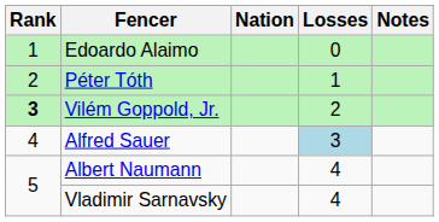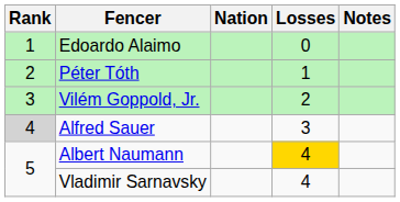 <table class="wikitable sortable" style="text-align:center">
 <tr>
 <th>Rank</th>
 <th>Fencer</th>
 <th>Nation</th>
 <th>Losses</th>
 <th>Notes</th>
 </tr>
 <tr bgcolor=bbf3bb>
 <td>1</td>
 <td align=left>Edoardo Alaimo</td>
 <td align=left></td>
 <td>0</td>
 <td></td>
 </tr>
 <tr bgcolor=bbf3bb>
 <td>2</td>
 <td align=left><a href='#'>Péter Tóth</a></td>
 <td align=left></td>
 <td>1</td>
 <td></td>
 </tr>
 <tr bgcolor=bbf3bb>
-<td><strong>3</strong></td>
+<td>3</td>
 <td align=left><a href='#'>Vilém Goppold, Jr.</a></td>
 <td align=left></td>
 <td>2</td>
 <td></td>
 </tr>
 <tr>
-<td>4</td>
+<td style="background: lightgrey;">4</td>
 <td align=left><a href='#'>Alfred Sauer</a></td>
 <td align=left></td>
-<td style="background: lightblue;">3</td>
+<td>3</td>
 <td></td>
 </tr>
 <tr>
 <td rowspan=2>5</td>
 <td align=left><a href='#'>Albert Naumann</a></td>
 <td align=left></td>
-<td>4</td>
+<td style="background: gold;">4</td>
 <td></td>
 </tr>
 <tr>
 <td align=left>Vladimir Sarnavsky</td>
 <td align=left></td>
 <td>4</td>
 <td></td>
 </tr>
 </table>
